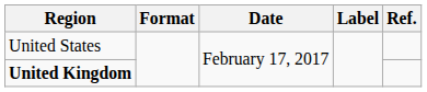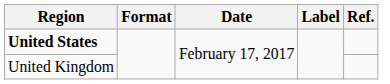 <table class="wikitable">
 <tr>
 <th>Region</th>
 <th>Format</th>
 <th>Date</th>
 <th>Label</th>
 <th>Ref.</th>
 </tr>
 <tr>
-<td>United States</td>
+<td><strong>United States</strong></td>
 <td rowspan="2"></td>
 <td rowspan="2">February 17, 2017</td>
 <td rowspan="2"></td>
 <td></td>
 </tr>
 <tr>
-<td><strong>United Kingdom</strong></td>
+<td>United Kingdom</td>
 <td></td>
 </tr>
 </table>
